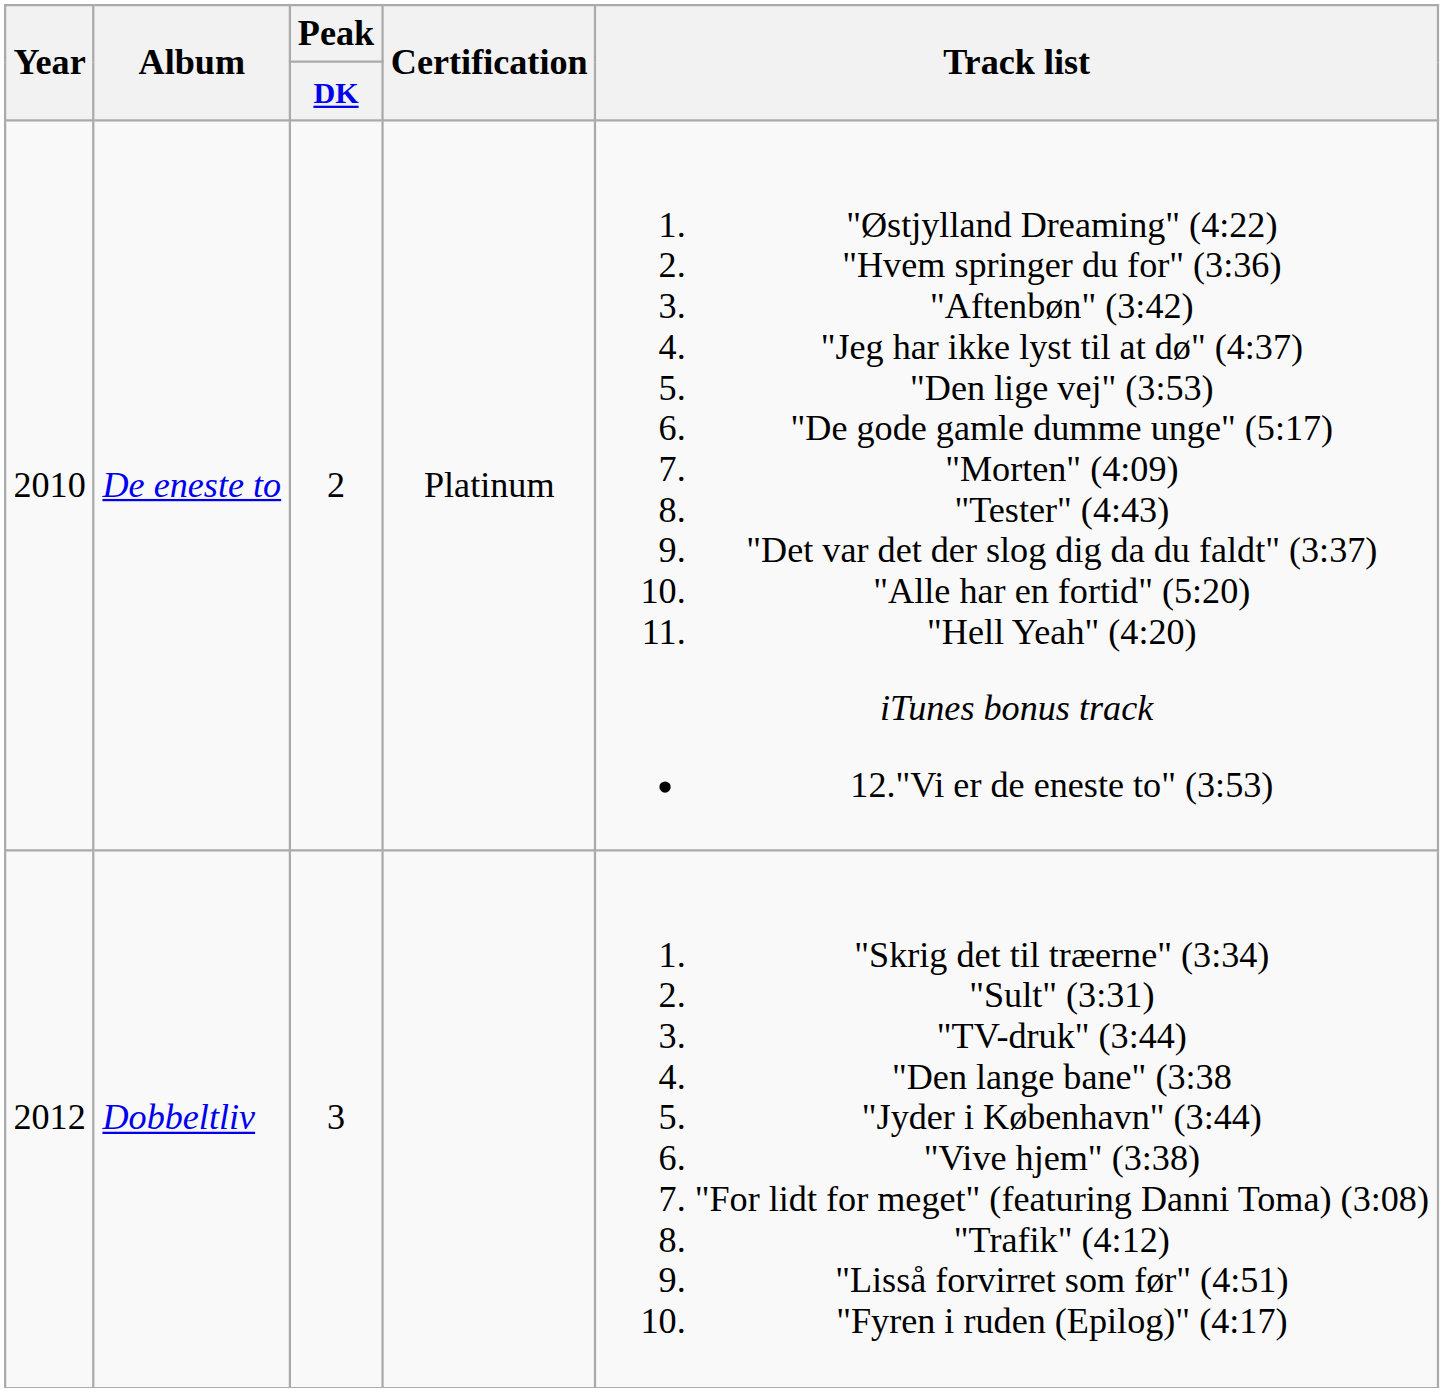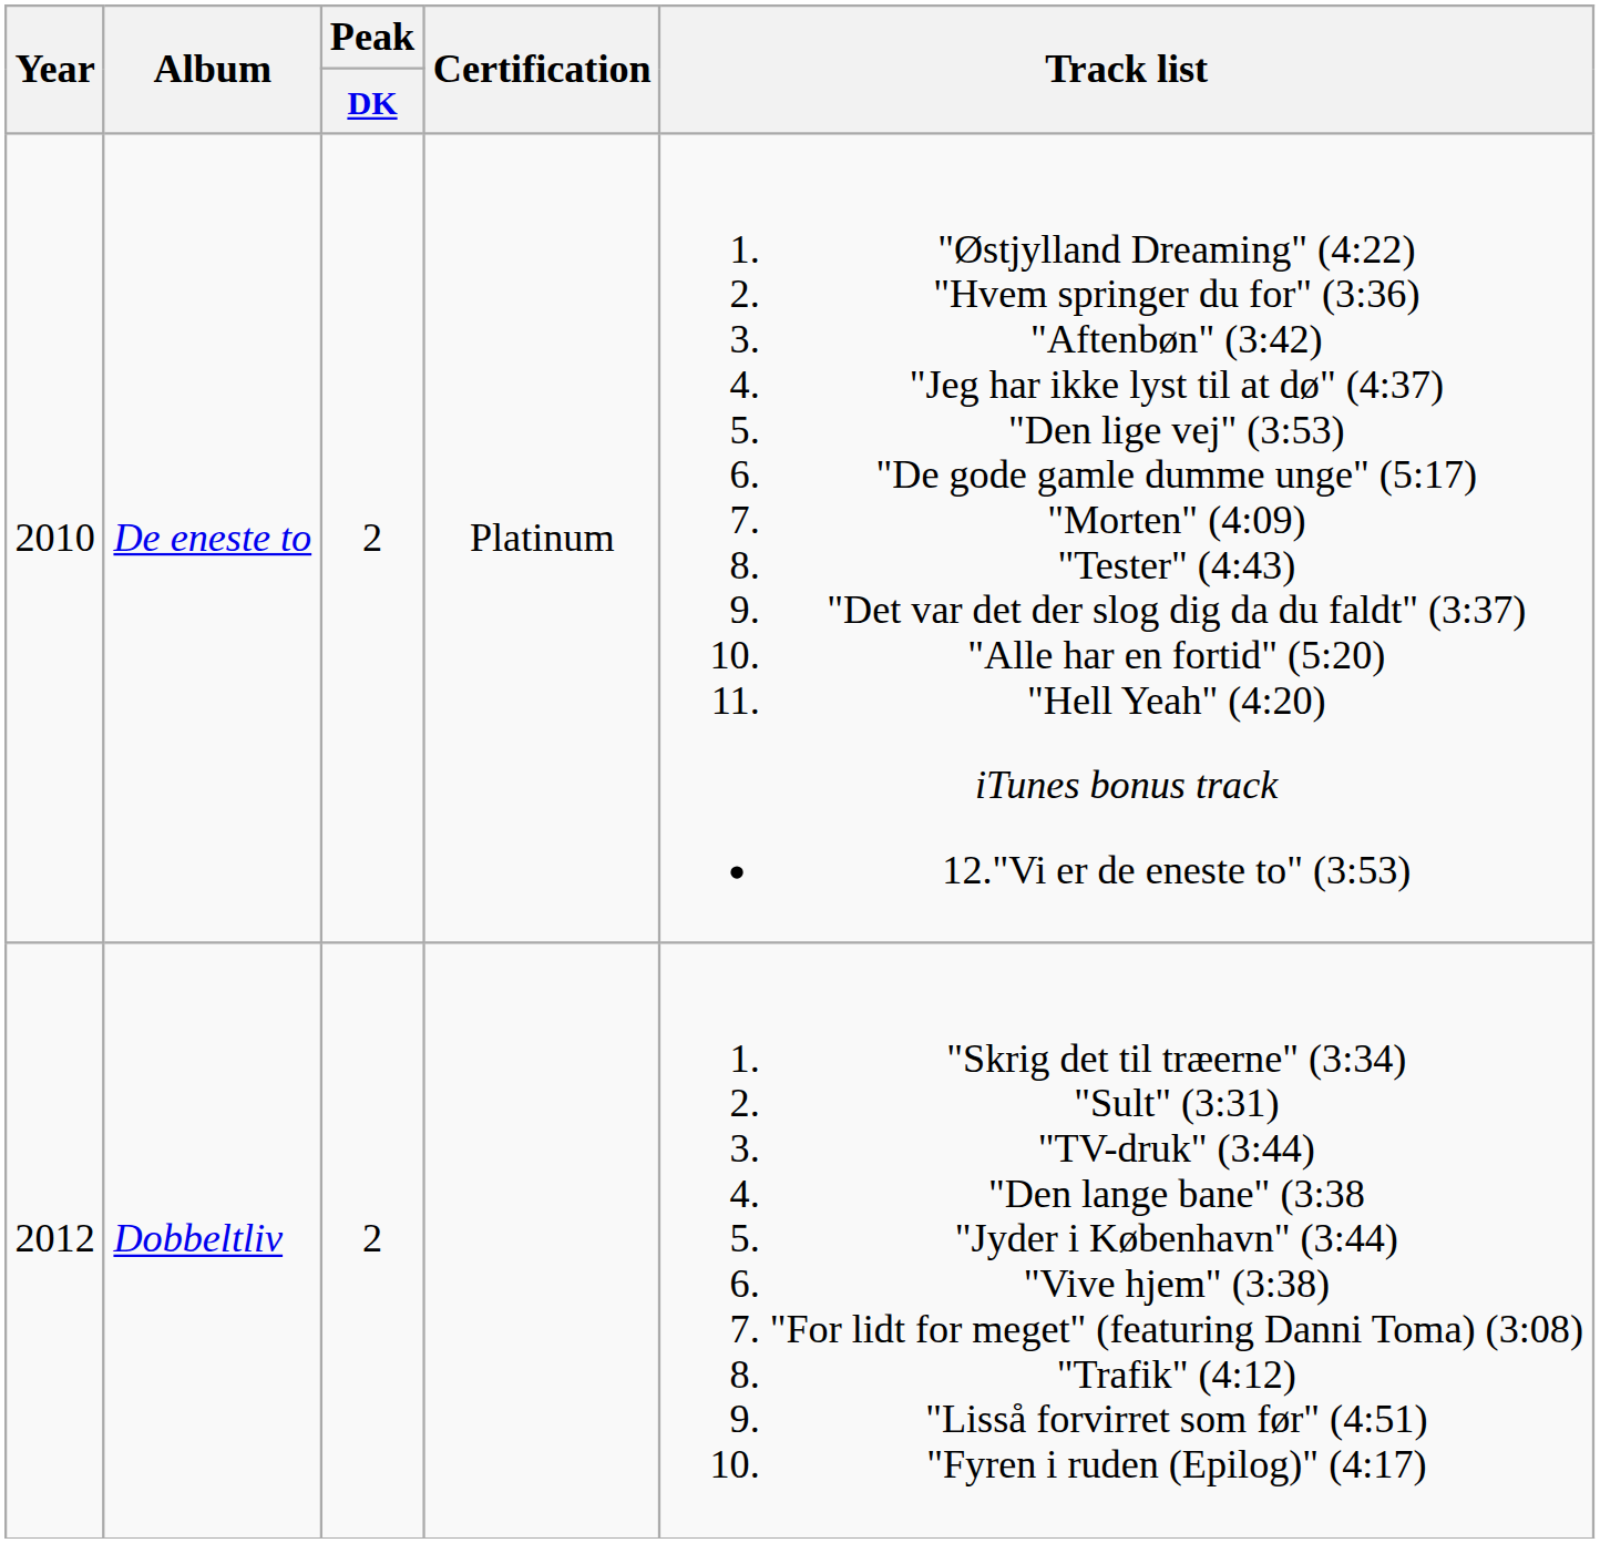 <table class="wikitable">
 <tr>
 <th width="20" rowspan="2" style="text-align:center;">Year</th>
 <th rowspan="2">Album</th>
 <th colspan="1">Peak</th>
 <th rowspan="2">Certification</th>
 <th rowspan="2">Track list</th>
 </tr>
 <tr>
 <th align="center"><a href='#'><small>DK</small></a><br></th>
 </tr>
 <tr>
 <td align="center">2010</td>
 <td><em><a href='#'>De eneste to</a></em></td>
 <td align="center">2</td>
 <td align="center">Platinum</td>
 <td align="center"><br><ol><li>"Østjylland Dreaming" (4:22)</li><li>"Hvem springer du for" (3:36)</li><li>"Aftenbøn" (3:42)</li><li>"Jeg har ikke lyst til at dø" (4:37)</li><li>"Den lige vej" (3:53)</li><li>"De gode gamle dumme unge" (5:17)</li><li>"Morten" (4:09)</li><li>"Tester" (4:43)</li><li>"Det var det der slog dig da du faldt" (3:37)</li><li>"Alle har en fortid" (5:20)</li><li>"Hell Yeah" (4:20)</li></ol><em>iTunes bonus track</em><ul><li>12."Vi er de eneste to" (3:53)</li></ul></td>
 </tr>
 <tr>
 <td align="center">2012</td>
 <td><em><a href='#'>Dobbeltliv</a></em></td>
-<td align="center">3</td>
+<td align="center">2</td>
 <td align="center"></td>
 <td align="center"><br><ol><li>"Skrig det til træerne" (3:34)</li><li>"Sult" (3:31)</li><li>"TV-druk" (3:44)</li><li>"Den lange bane" (3:38</li><li>"Jyder i København" (3:44)</li><li>"Vive hjem" (3:38)</li><li>"For lidt for meget" (featuring Danni Toma) (3:08)</li><li>"Trafik" (4:12)</li><li>"Lisså forvirret som før" (4:51)</li><li>"Fyren i ruden (Epilog)" (4:17)</li></ol></td>
 </tr>
 <tr>
 </tr>
 </table>
